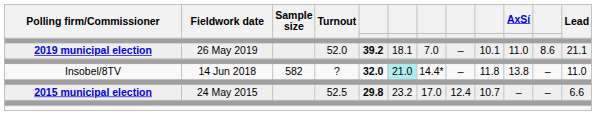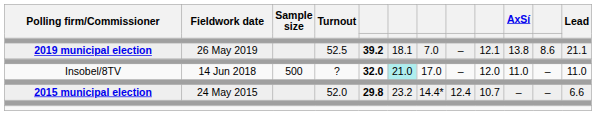 <table class="wikitable collapsible collapsed" style="text-align:center; font-size:95%; line-height:16px;">
 <tr style="height:42px;">
 <th style="width:250px;" rowspan="2">Polling firm/Commissioner</th>
 <th style="width:125px;" rowspan="2">Fieldwork date</th>
 <th style="width:50px;" rowspan="2">Sample size</th>
 <th style="width:45px;" rowspan="2">Turnout</th>
 <th style="width:35px;"></th>
 <th style="width:35px;"></th>
 <th style="width:35px;"></th>
 <th style="width:35px;"></th>
 <th style="width:35px;"></th>
 <th style="width:35px;"><a href='#'>AxSí</a></th>
 <th style="width:35px;"></th>
 <th style="width:30px;" rowspan="2">Lead</th>
 </tr>
 <tr>
 <th style="color:inherit;background:"></th>
 <th style="color:inherit;background:"></th>
 <th style="color:inherit;background:"></th>
 <th style="color:inherit;background:"></th>
 <th style="color:inherit;background:"></th>
 <th style="color:inherit;background:"></th>
 <th style="color:inherit;background:"></th>
 </tr>
 <tr>
 <td colspan="12" style="background:#A0A0A0"></td>
 </tr>
 <tr style="background:#EFEFEF;">
 <td><strong><a href='#'>2019 municipal election</a></strong></td>
 <td>26 May 2019</td>
 <td></td>
-<td>52.0</td>
+<td>52.5</td>
 <td><strong>39.2</strong><br></td>
 <td>18.1<br></td>
 <td>7.0<br></td>
 <td>–</td>
-<td>10.1<br></td>
-<td>11.0<br></td>
+<td>12.1<br></td>
+<td>13.8<br></td>
 <td>8.6<br></td>
 <td style="background:">21.1</td>
 </tr>
 <tr>
 <td colspan="12" style="background:#A0A0A0"></td>
 </tr>
 <tr>
 <td>Insobel/8TV</td>
 <td>14 Jun 2018</td>
-<td>582</td>
+<td>500</td>
 <td>?</td>
 <td><strong>32.0</strong><br></td>
 <td style="background: paleturquoise;">21.0<br></td>
-<td>14.4*<br></td>
+<td>17.0<br></td>
 <td>–</td>
-<td>11.8<br></td>
-<td>13.8<br></td>
+<td>12.0<br></td>
+<td>11.0<br></td>
 <td>–</td>
 <td style="background:">11.0</td>
 </tr>
 <tr>
 <td colspan="12" style="background:#A0A0A0"></td>
 </tr>
 <tr style="background:#EFEFEF;">
 <td><strong><a href='#'>2015 municipal election</a></strong></td>
 <td>24 May 2015</td>
 <td></td>
-<td>52.5</td>
+<td>52.0</td>
 <td><strong>29.8</strong><br></td>
 <td>23.2<br></td>
-<td>17.0<br></td>
+<td>14.4*<br></td>
 <td>12.4<br></td>
 <td>10.7<br></td>
 <td>–</td>
 <td>–</td>
 <td style="background:">6.6</td>
 </tr>
 <tr>
 <td colspan="12" style="background:#A0A0A0"></td>
 </tr>
 <tr>
 <td align="left" colspan="12"></td>
 </tr>
 </table>
